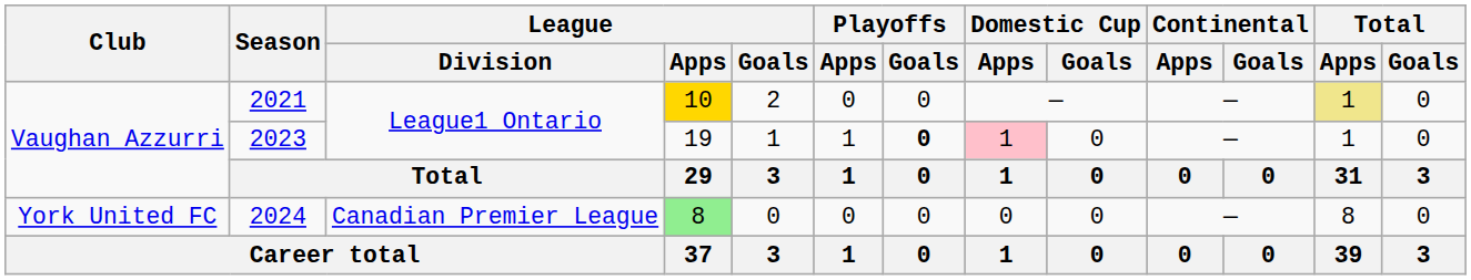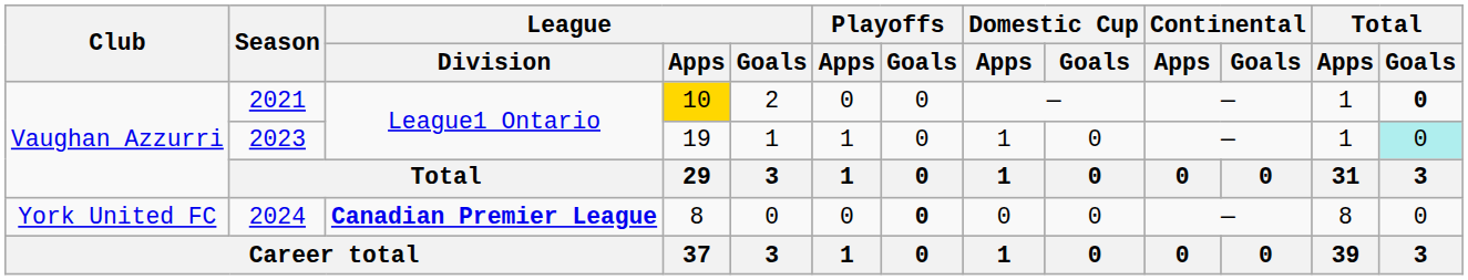 <table class="wikitable" style="text-align: center">
 <tr>
 <th rowspan="2">Club</th>
 <th rowspan="2">Season</th>
 <th colspan="3">League</th>
 <th colspan="2">Playoffs</th>
 <th colspan="2">Domestic Cup</th>
 <th colspan="2">Continental</th>
 <th colspan="2">Total</th>
 </tr>
 <tr>
 <th>Division</th>
 <th>Apps</th>
 <th>Goals</th>
 <th>Apps</th>
 <th>Goals</th>
 <th>Apps</th>
 <th>Goals</th>
 <th>Apps</th>
 <th>Goals</th>
 <th>Apps</th>
 <th>Goals</th>
 </tr>
 <tr>
 <td rowspan=3><a href='#'>Vaughan Azzurri</a></td>
 <td><a href='#'>2021</a></td>
 <td rowspan=2><a href='#'>League1 Ontario</a></td>
 <td style="background: gold;">10</td>
 <td>2</td>
 <td>0</td>
 <td>0</td>
 <td colspan="2">—</td>
 <td colspan="2">—</td>
-<td style="background: khaki;">1</td>
-<td>0</td>
+<td>1</td>
+<td><strong>0</strong></td>
 </tr>
 <tr>
 <td><a href='#'>2023</a></td>
 <td>19</td>
 <td>1</td>
 <td>1</td>
-<td><strong>0</strong></td>
-<td style="background: pink;">1</td>
+<td>0</td>
+<td>1</td>
 <td>0</td>
 <td colspan="2">—</td>
 <td>1</td>
-<td>0</td>
+<td style="background: paleturquoise;">0</td>
 </tr>
 <tr>
 <th colspan="2"><strong>Total</strong></th>
 <th>29</th>
 <th>3</th>
 <th>1</th>
 <th>0</th>
 <th>1</th>
 <th>0</th>
 <th>0</th>
 <th>0</th>
 <th>31</th>
 <th>3</th>
 </tr>
 <tr>
 <td><a href='#'>York United FC</a></td>
 <td><a href='#'>2024</a></td>
-<td><a href='#'>Canadian Premier League</a></td>
-<td style="background: lightgreen;">8</td>
+<td><strong><a href='#'>Canadian Premier League</a></strong></td>
+<td>8</td>
 <td>0</td>
 <td>0</td>
-<td>0</td>
+<td><strong>0</strong></td>
 <td>0</td>
 <td>0</td>
 <td colspan="2">—</td>
 <td>8</td>
 <td>0</td>
 </tr>
 <tr>
 <th colspan="3"><strong>Career total</strong></th>
 <th>37</th>
 <th>3</th>
 <th>1</th>
 <th>0</th>
 <th>1</th>
 <th>0</th>
 <th>0</th>
 <th>0</th>
 <th>39</th>
 <th>3</th>
 </tr>
 </table>
